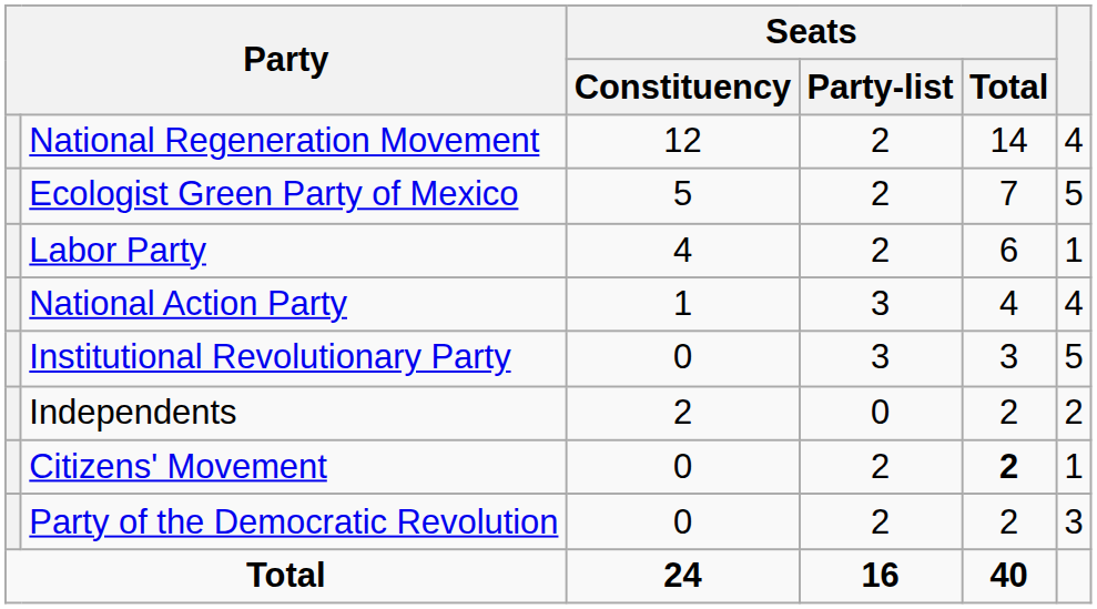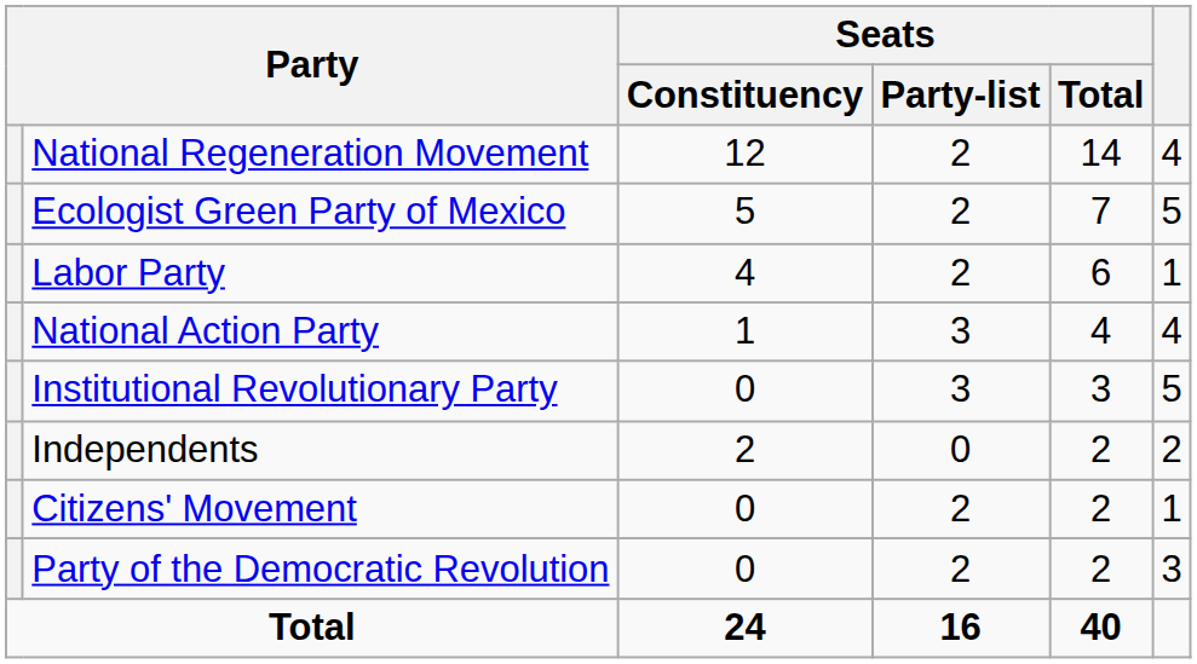 <table class="wikitable" style="text-align:center;">
 <tr>
 <th colspan="2" rowspan="2">Party</th>
 <th colspan="3">Seats</th>
 <th rowspan="2"></th>
 </tr>
 <tr>
 <th style="width:3em"><strong>Constituency</strong></th>
 <th>Party-list</th>
 <th>Total</th>
 </tr>
 <tr>
 <th style="background-color:"></th>
 <td style="text-align:left;"><a href='#'>National Regeneration Movement</a></td>
 <td>12</td>
 <td>2</td>
 <td>14</td>
 <td> 4</td>
 </tr>
 <tr>
 <th style="background-color:"></th>
 <td style="text-align:left;"><a href='#'>Ecologist Green Party of Mexico</a></td>
 <td>5</td>
 <td>2</td>
 <td>7</td>
 <td> 5</td>
 </tr>
 <tr>
 <th style="background-color:"></th>
 <td style="text-align:left;"><a href='#'>Labor Party</a></td>
 <td>4</td>
 <td>2</td>
 <td>6</td>
 <td> 1</td>
 </tr>
 <tr>
 <th style="background-color:"></th>
 <td style="text-align:left;"><a href='#'>National Action Party</a></td>
 <td>1</td>
 <td>3</td>
 <td>4</td>
 <td> 4</td>
 </tr>
 <tr>
 <th style="background-color:"></th>
 <td style="text-align:left;"><a href='#'>Institutional Revolutionary Party</a></td>
 <td>0</td>
 <td>3</td>
 <td>3</td>
 <td> 5</td>
 </tr>
 <tr>
 <th style="background-color:"></th>
 <td style="text-align:left;">Independents</td>
 <td>2</td>
 <td>0</td>
 <td>2</td>
 <td> 2</td>
 </tr>
 <tr>
 <th style="background-color:"></th>
 <td style="text-align:left;"><a href='#'>Citizens' Movement</a></td>
 <td>0</td>
 <td>2</td>
-<td><strong>2</strong></td>
+<td>2</td>
 <td> 1</td>
 </tr>
 <tr>
 <th style="background-color:"></th>
 <td style="text-align:left;"><a href='#'>Party of the Democratic Revolution</a></td>
 <td>0</td>
 <td>2</td>
 <td>2</td>
 <td> 3</td>
 </tr>
 <tr>
 <td colspan="2"><strong>Total</strong></td>
 <td><strong>24</strong></td>
 <td><strong>16</strong></td>
 <td><strong>40</strong></td>
 <td></td>
 </tr>
 </table>
